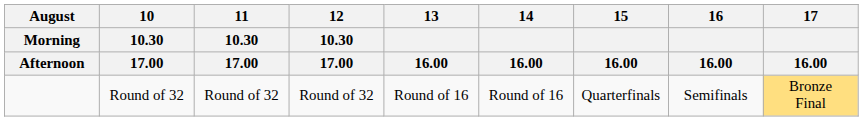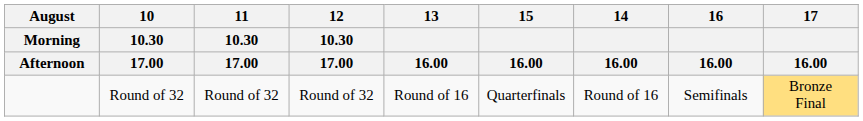 <table class="wikitable" style="text-align:center">
 <tr>
 <th width=10%>August</th>
 <th width=10%>10</th>
 <th width=10%>11</th>
 <th width=10%>12</th>
 <th width=10%>13</th>
+<th width=10%>15</th>
 <th width=10%>14</th>
-<th width=10%>15</th>
 <th width=10%>16</th>
 <th width=10%>17</th>
 </tr>
 <tr>
 <th>Morning</th>
 <th>10.30</th>
 <th>10.30</th>
 <th>10.30</th>
 <th></th>
 <th></th>
 <th></th>
 <th></th>
 <th></th>
 </tr>
 <tr>
 <th>Afternoon</th>
 <th>17.00</th>
 <th>17.00</th>
 <th>17.00</th>
 <th>16.00</th>
 <th>16.00</th>
 <th>16.00</th>
 <th>16.00</th>
 <th>16.00</th>
 </tr>
 <tr>
 <td></td>
 <td>Round of 32</td>
 <td>Round of 32</td>
 <td>Round of 32</td>
 <td>Round of 16</td>
+<td>Quarterfinals</td>
 <td>Round of 16</td>
-<td>Quarterfinals</td>
 <td>Semifinals</td>
 <td bgcolor="FFDF80">Bronze<br>Final</td>
 </tr>
 </table>
